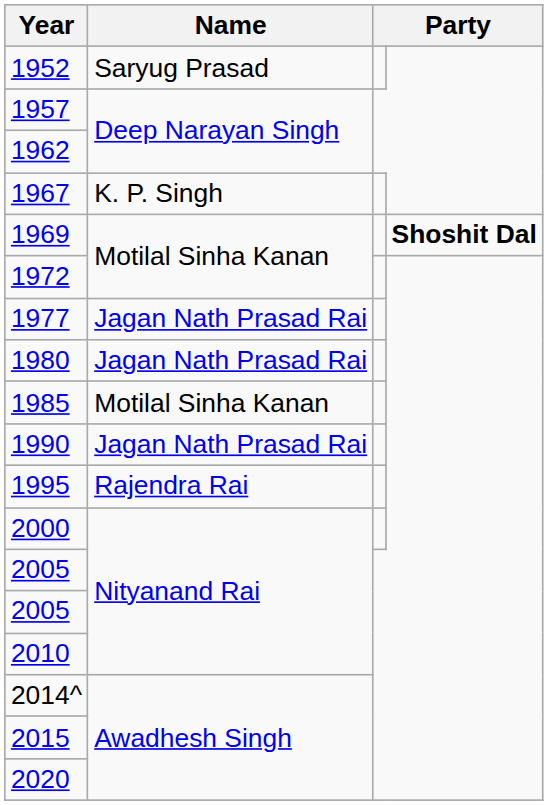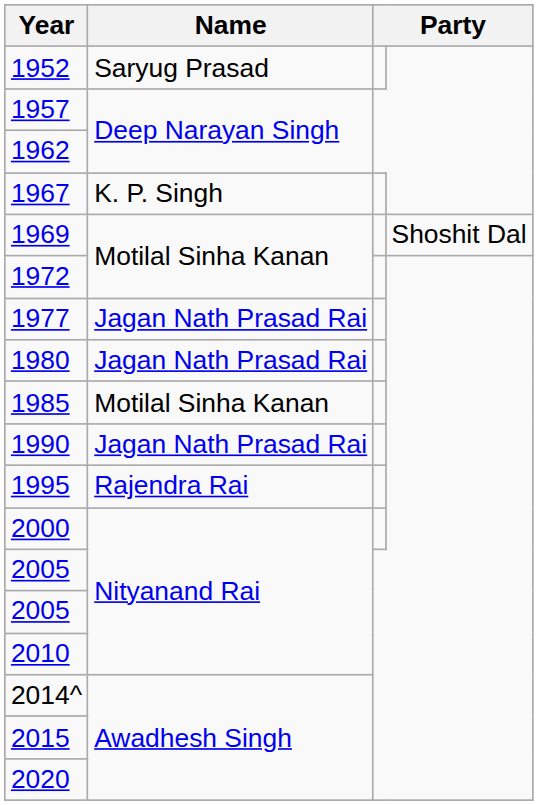 <table class="wikitable sortable">
 <tr>
 <th>Year</th>
 <th>Name</th>
 <th colspan="2">Party</th>
 </tr>
 <tr>
 <td><a href='#'>1952</a></td>
 <td>Saryug Prasad</td>
 <td></td>
 </tr>
 <tr>
 <td><a href='#'>1957</a></td>
 <td rowspan="2"><a href='#'>Deep Narayan Singh</a></td>
 </tr>
 <tr>
 <td><a href='#'>1962</a></td>
 </tr>
 <tr>
 <td><a href='#'>1967</a></td>
 <td>K. P. Singh</td>
 <td></td>
 </tr>
 <tr>
 <td><a href='#'>1969</a></td>
 <td rowspan="2">Motilal Sinha Kanan</td>
 <td style="background-color: "></td>
-<td><strong>Shoshit Dal</strong></td>
+<td>Shoshit Dal</td>
 </tr>
 <tr>
 <td><a href='#'>1972</a></td>
 <td></td>
 </tr>
 <tr>
 <td><a href='#'>1977</a></td>
 <td><a href='#'>Jagan Nath Prasad Rai</a></td>
 <td></td>
 </tr>
 <tr>
 <td><a href='#'>1980</a></td>
 <td><a href='#'>Jagan Nath Prasad Rai</a></td>
 <td></td>
 </tr>
 <tr>
 <td><a href='#'>1985</a></td>
 <td>Motilal Sinha Kanan</td>
 <td></td>
 </tr>
 <tr>
 <td><a href='#'>1990</a></td>
 <td><a href='#'>Jagan Nath Prasad Rai</a></td>
 <td></td>
 </tr>
 <tr>
 <td><a href='#'>1995</a></td>
 <td><a href='#'>Rajendra Rai</a></td>
 <td></td>
 </tr>
 <tr>
 <td><a href='#'>2000</a></td>
 <td rowspan="4"><a href='#'>Nityanand Rai</a></td>
 <td></td>
 </tr>
 <tr>
 <td><a href='#'>2005</a></td>
 </tr>
 <tr>
 <td><a href='#'>2005</a></td>
 </tr>
 <tr>
 <td><a href='#'>2010</a></td>
 </tr>
 <tr>
 <td>2014^</td>
 <td rowspan="3"><a href='#'>Awadhesh Singh</a></td>
 </tr>
 <tr>
 <td><a href='#'>2015</a></td>
 </tr>
 <tr>
 <td><a href='#'>2020</a></td>
 </tr>
 </table>
